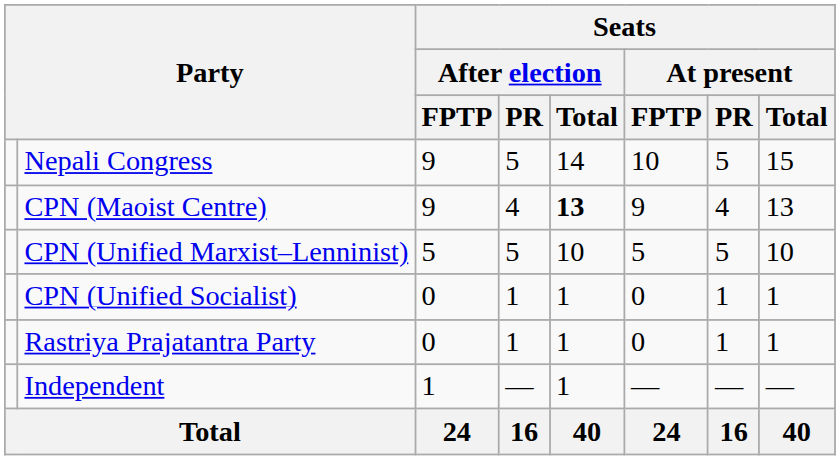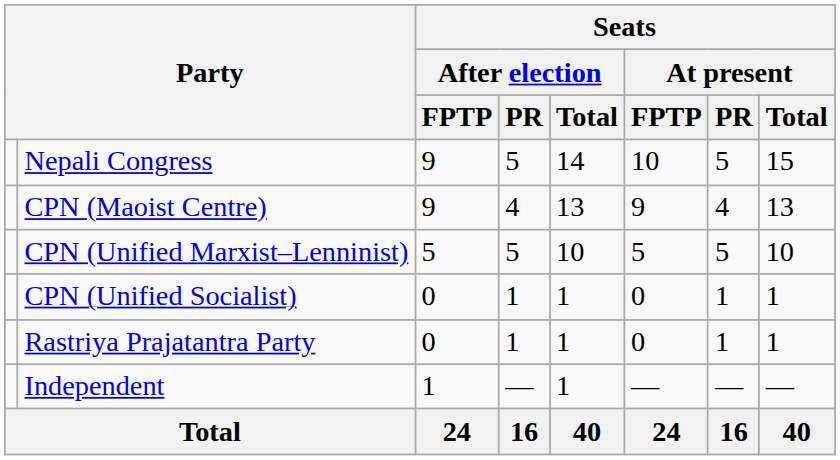 <table class="wikitable">
 <tr>
 <th colspan="2" rowspan="3">Party</th>
 <th colspan="6">Seats</th>
 </tr>
 <tr>
 <th colspan="3">After <a href='#'>election</a></th>
 <th colspan="3">At present</th>
 </tr>
 <tr>
 <th>FPTP</th>
 <th>PR</th>
 <th>Total</th>
 <th>FPTP</th>
 <th>PR</th>
 <th>Total</th>
 </tr>
 <tr>
 <td></td>
 <td><a href='#'>Nepali Congress</a></td>
 <td>9</td>
 <td>5</td>
 <td>14</td>
 <td>10</td>
 <td>5</td>
 <td>15</td>
 </tr>
 <tr>
 <td></td>
 <td><a href='#'>CPN (Maoist Centre)</a></td>
 <td>9</td>
 <td>4</td>
-<td><strong>13</strong></td>
+<td>13</td>
 <td>9</td>
 <td>4</td>
 <td>13</td>
 </tr>
 <tr>
 <td></td>
 <td><a href='#'>CPN (Unified Marxist–Lenninist)</a></td>
 <td>5</td>
 <td>5</td>
 <td>10</td>
 <td>5</td>
 <td>5</td>
 <td>10</td>
 </tr>
 <tr>
 <td></td>
 <td><a href='#'>CPN (Unified Socialist)</a></td>
 <td>0</td>
 <td>1</td>
 <td>1</td>
 <td>0</td>
 <td>1</td>
 <td>1</td>
 </tr>
 <tr>
 <td></td>
 <td><a href='#'>Rastriya Prajatantra Party</a></td>
 <td>0</td>
 <td>1</td>
 <td>1</td>
 <td>0</td>
 <td>1</td>
 <td>1</td>
 </tr>
 <tr>
 <td></td>
 <td><a href='#'>Independent</a></td>
 <td>1</td>
 <td>—</td>
 <td>1</td>
 <td>—</td>
 <td>—</td>
 <td>—</td>
 </tr>
 <tr>
 <th colspan="2">Total</th>
 <th>24</th>
 <th>16</th>
 <th>40</th>
 <th>24</th>
 <th>16</th>
 <th>40</th>
 </tr>
 </table>
